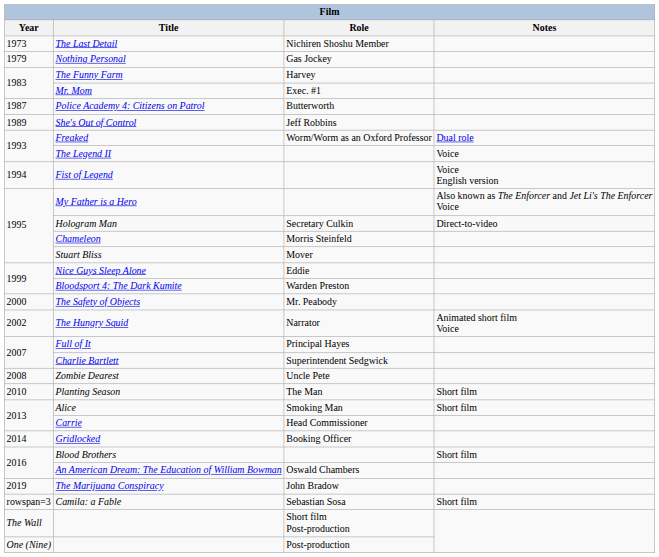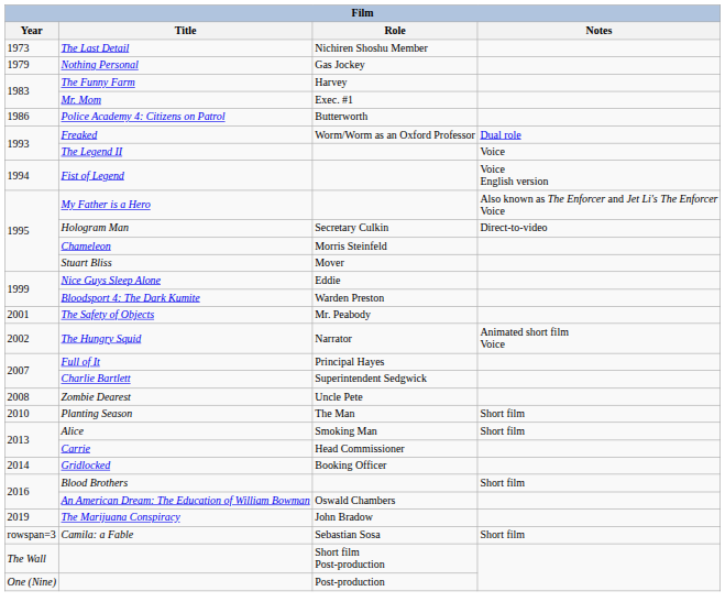 <table class="wikitable sortable">
 <tr>
 <th colspan=4 style="background:#B0C4DE;">Film</th>
 </tr>
 <tr>
 <th>Year</th>
 <th>Title</th>
 <th>Role</th>
 <th class="unsortable">Notes</th>
 </tr>
 <tr>
 <td>1973</td>
 <td data-sort-value="Last Detail, The"><em><a href='#'>The Last Detail</a></em></td>
 <td>Nichiren Shoshu Member</td>
 <td></td>
 </tr>
 <tr>
 <td>1979</td>
 <td><em><a href='#'>Nothing Personal</a></em></td>
 <td>Gas Jockey</td>
 <td></td>
 </tr>
 <tr>
 <td rowspan=2>1983</td>
 <td data-sort-value="Funny Farm, The"><em><a href='#'>The Funny Farm</a></em></td>
 <td>Harvey</td>
 <td></td>
 </tr>
 <tr>
 <td><em><a href='#'>Mr. Mom</a></em></td>
 <td>Exec. #1</td>
 <td></td>
 </tr>
 <tr>
-<td>1987</td>
+<td>1986</td>
 <td><em><a href='#'>Police Academy 4: Citizens on Patrol</a></em></td>
 <td>Butterworth</td>
-<td></td>
-</tr>
-<tr>
-<td>1989</td>
-<td><em><a href='#'>She's Out of Control</a></em></td>
-<td>Jeff Robbins</td>
 <td></td>
 </tr>
 <tr>
 <td rowspan=2>1993</td>
 <td><em><a href='#'>Freaked</a></em></td>
 <td>Worm/Worm as an Oxford Professor</td>
 <td><a href='#'>Dual role</a></td>
 </tr>
 <tr>
 <td data-sort-value="Legend II, The"><em><a href='#'>The Legend II</a></em></td>
 <td></td>
 <td>Voice</td>
 </tr>
 <tr>
 <td>1994</td>
 <td><em><a href='#'>Fist of Legend</a></em></td>
 <td></td>
 <td>Voice<br> English version</td>
 </tr>
 <tr>
 <td rowspan=4>1995</td>
 <td><em><a href='#'>My Father is a Hero</a></em></td>
 <td></td>
 <td>Also known as <em>The Enforcer</em> and <em>Jet Li's The Enforcer</em><br> Voice</td>
 </tr>
 <tr>
 <td><em>Hologram Man</em></td>
 <td>Secretary Culkin</td>
 <td>Direct-to-video</td>
 </tr>
 <tr>
 <td><em><a href='#'>Chameleon</a></em></td>
 <td>Morris Steinfeld</td>
 <td></td>
 </tr>
 <tr>
 <td><em>Stuart Bliss</em></td>
 <td>Mover</td>
 <td></td>
 </tr>
 <tr>
 <td rowspan=2>1999</td>
 <td><em><a href='#'>Nice Guys Sleep Alone</a></em></td>
 <td>Eddie</td>
 <td></td>
 </tr>
 <tr>
 <td><em><a href='#'>Bloodsport 4: The Dark Kumite</a></em></td>
 <td>Warden Preston</td>
 <td></td>
 </tr>
 <tr>
-<td>2000</td>
+<td>2001</td>
 <td data-sort-value="Safety of Objects, The"><em><a href='#'>The Safety of Objects</a></em></td>
 <td>Mr. Peabody</td>
 <td></td>
 </tr>
 <tr>
 <td>2002</td>
 <td data-sort-value="Hungry Squid, The"><em><a href='#'>The Hungry Squid</a></em></td>
 <td>Narrator</td>
 <td>Animated short film<br> Voice<br></td>
 </tr>
 <tr>
 <td rowspan=2>2007</td>
 <td><em><a href='#'>Full of It</a></em></td>
 <td>Principal Hayes</td>
 <td></td>
 </tr>
 <tr>
 <td><em><a href='#'>Charlie Bartlett</a></em></td>
 <td>Superintendent Sedgwick</td>
 <td></td>
 </tr>
 <tr>
 <td>2008</td>
 <td><em>Zombie Dearest</em></td>
 <td>Uncle Pete</td>
 <td></td>
 </tr>
 <tr>
 <td>2010</td>
 <td><em>Planting Season</em></td>
 <td>The Man</td>
 <td>Short film</td>
 </tr>
 <tr>
 <td rowspan=2>2013</td>
 <td><em>Alice</em></td>
 <td>Smoking Man</td>
 <td>Short film</td>
 </tr>
 <tr>
 <td><em><a href='#'>Carrie</a></em></td>
 <td>Head Commissioner</td>
 <td></td>
 </tr>
 <tr>
 <td>2014</td>
 <td><em><a href='#'>Gridlocked</a></em></td>
 <td>Booking Officer</td>
 <td></td>
 </tr>
 <tr>
 <td rowspan=2>2016</td>
 <td><em>Blood Brothers</em></td>
 <td></td>
 <td>Short film</td>
 </tr>
 <tr>
 <td><em><a href='#'>An American Dream: The Education of William Bowman</a></em></td>
 <td>Oswald Chambers</td>
 <td></td>
 </tr>
 <tr>
 <td>2019</td>
 <td data-sort-value="Marijuana Conspiracy, The"><em><a href='#'>The Marijuana Conspiracy</a></em></td>
 <td>John Bradow</td>
 <td></td>
 </tr>
 <tr>
 <td>rowspan=3 </td>
 <td><em>Camila: a Fable</em></td>
 <td>Sebastian Sosa</td>
 <td>Short film</td>
 </tr>
 <tr>
 <td data-sort-value="Wall, The"><em>The Wall</em></td>
 <td></td>
 <td>Short film<br> Post-production</td>
 </tr>
 <tr>
 <td><em>One (Nine)</em></td>
 <td></td>
 <td>Post-production</td>
 </tr>
 </table>
